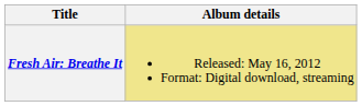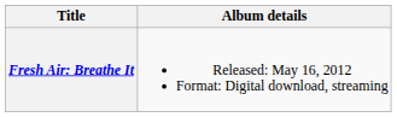 <table class="wikitable plainrowheaders" style="text-align:center">
 <tr>
 <th scope="col">Title</th>
 <th scope="col">Album details</th>
 </tr>
 <tr>
 <th scope="row"><em><a href='#'>Fresh Air: Breathe It</a></em></th>
-<td style="background: khaki;"><br><ul><li>Released: May 16, 2012</li><li>Format: Digital download, streaming</li></ul></td>
+<td><br><ul><li>Released: May 16, 2012</li><li>Format: Digital download, streaming</li></ul></td>
 </tr>
 </table>
